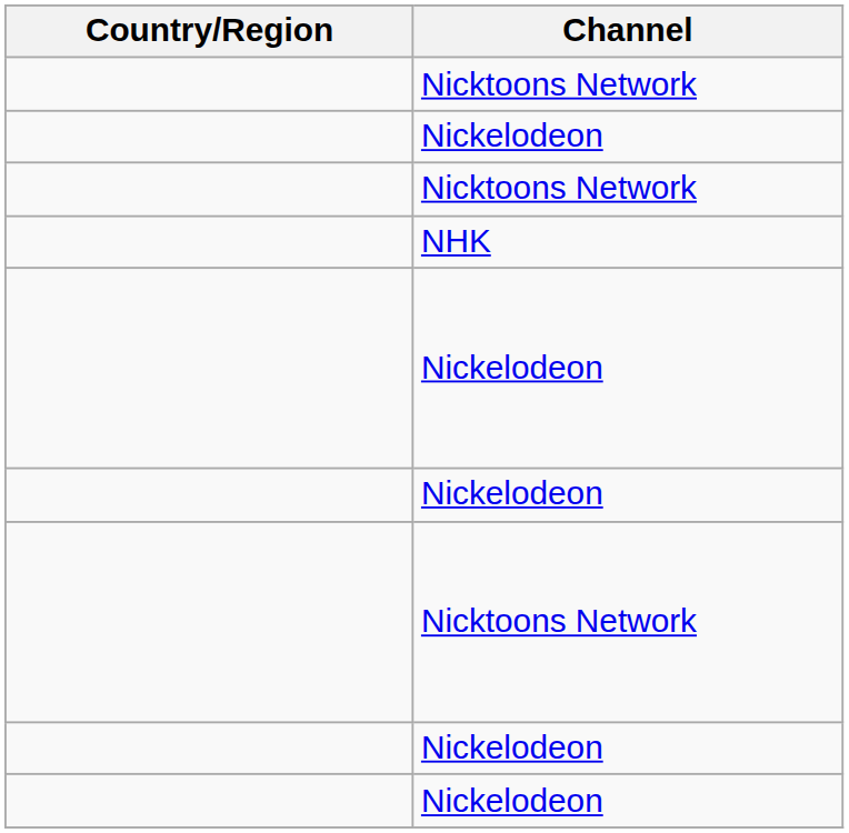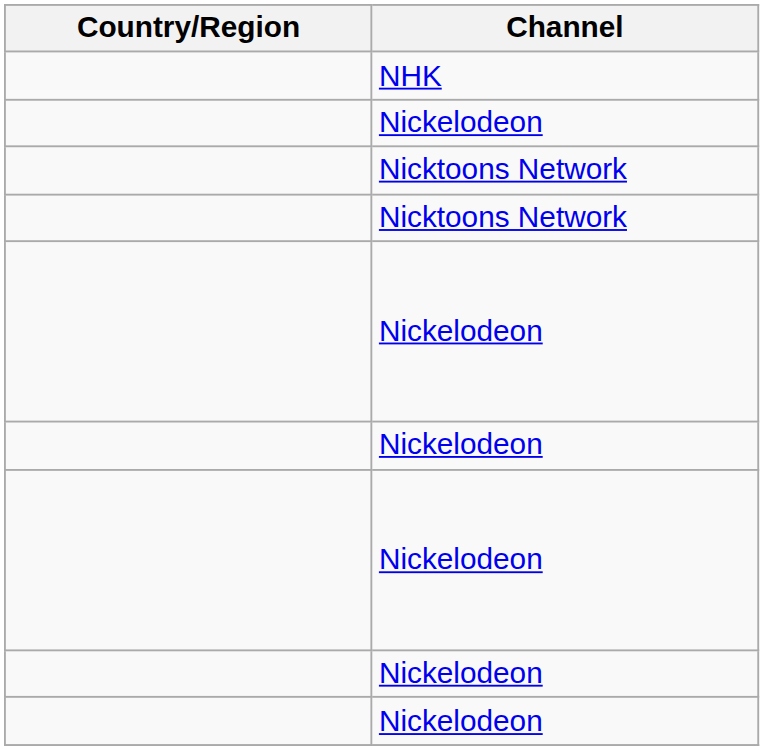 <table class=wikitable>
 <tr>
 <th width=190>Country/Region</th>
 <th width=200>Channel</th>
 </tr>
 <tr>
 <td></td>
-<td><a href='#'>Nicktoons Network</a></td>
+<td><a href='#'>NHK</a></td>
 </tr>
 <tr>
 <td></td>
 <td><a href='#'>Nickelodeon</a></td>
 </tr>
 <tr>
 <td></td>
 <td><a href='#'>Nicktoons Network</a></td>
 </tr>
 <tr>
 <td></td>
-<td><a href='#'>NHK</a></td>
+<td><a href='#'>Nicktoons Network</a></td>
 </tr>
 <tr>
 <td><br><br><br><br><br></td>
 <td><a href='#'>Nickelodeon</a></td>
 </tr>
 <tr>
 <td></td>
 <td><a href='#'>Nickelodeon</a></td>
 </tr>
 <tr>
 <td><br><br><br><br><br></td>
-<td><a href='#'>Nicktoons Network</a></td>
+<td><a href='#'>Nickelodeon</a></td>
 </tr>
 <tr>
 <td></td>
 <td><a href='#'>Nickelodeon</a></td>
 </tr>
 <tr>
 <td></td>
 <td><a href='#'>Nickelodeon</a></td>
 </tr>
 <tr>
 </tr>
 </table>
